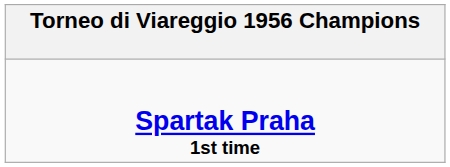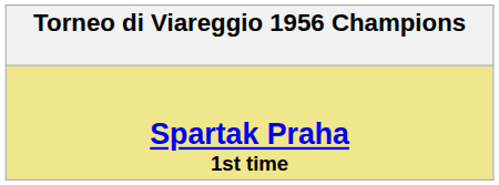 <table class="wikitable" style="margin: 0 auto; width: 30%;">
 <tr>
 <th><big>Torneo di Viareggio 1956 Champions</big><br><br></th>
 </tr>
 <tr>
-<td align=center><br><br><big><big><strong><a href='#'>Spartak Praha</a></strong><br></big></big><strong>1st time</strong></td>
+<td align=center style="background: khaki;"><br><br><big><big><strong><a href='#'>Spartak Praha</a></strong><br></big></big><strong>1st time</strong></td>
 </tr>
 </table>
